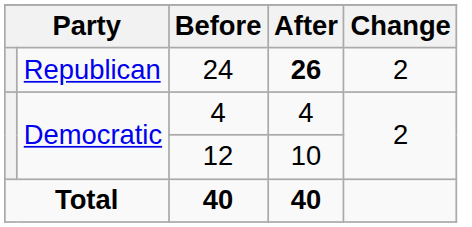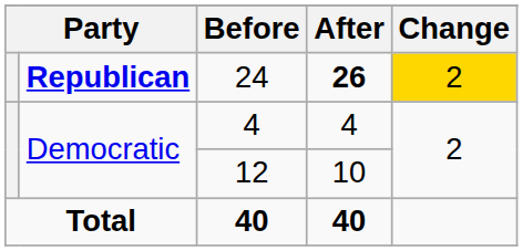 <table class="wikitable" style="text-align:center;">
 <tr>
 </tr>
 <tr>
 <th colspan=2>Party</th>
 <th>Before</th>
 <th>After</th>
 <th>Change</th>
 </tr>
 <tr>
 <th style="background-color:"></th>
-<td style="text-align:left;"><a href='#'>Republican</a></td>
+<td style="text-align:left;"><strong><a href='#'>Republican</a></strong></td>
 <td>24</td>
 <td><strong>26</strong></td>
-<td> 2</td>
+<td style="background: gold;"> 2</td>
 </tr>
 <tr>
 <th rowspan=2 style="background-color:"></th>
 <td rowspan=2 style="text-align:left;"><a href='#'>Democratic</a></td>
 <td>4</td>
 <td>4</td>
 <td rowspan=2> 2</td>
 </tr>
 <tr>
 <td>12</td>
 <td>10</td>
 </tr>
 <tr>
 <td colspan=2><strong>Total</strong></td>
 <td><strong>40</strong></td>
 <td><strong>40</strong></td>
 <td></td>
 </tr>
 </table>
